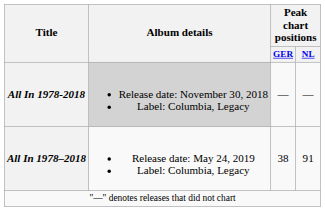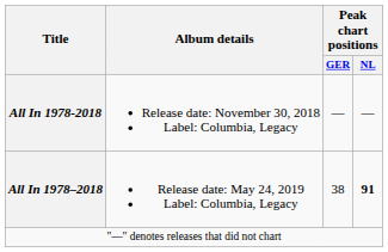 <table class="wikitable plainrowheaders" style="text-align:center;">
 <tr>
 <th rowspan="2">Title</th>
 <th rowspan="2">Album details</th>
 <th colspan="2">Peak chart positions</th>
 </tr>
 <tr style="font-size:smaller;">
 <th style="width:30px;"><a href='#'>GER</a><br></th>
 <th style="width:30px;"><a href='#'>NL</a><br></th>
 </tr>
 <tr>
 <th scope="row"><em>All In 1978-2018</em></th>
-<td style="background: lightgrey;"><br><ul><li>Release date: November 30, 2018</li><li>Label: Columbia, Legacy</li></ul></td>
+<td><br><ul><li>Release date: November 30, 2018</li><li>Label: Columbia, Legacy</li></ul></td>
 <td>—</td>
 <td>—</td>
 </tr>
 <tr>
 <th scope="row"><em>All In 1978–2018</em></th>
 <td><br><ul><li>Release date: May 24, 2019</li><li>Label: Columbia, Legacy</li></ul></td>
 <td>38</td>
-<td>91</td>
+<td><strong>91</strong></td>
 </tr>
 <tr>
 <td colspan="12" style="font-size:85%">"—" denotes releases that did not chart</td>
 </tr>
 </table>
